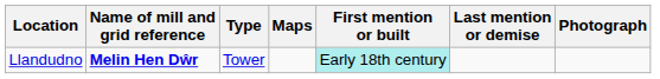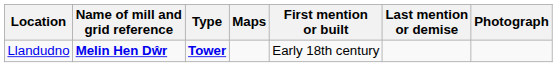 <table class="wikitable">
 <tr>
 <th>Location</th>
 <th>Name of mill and<br>grid reference</th>
 <th>Type</th>
 <th>Maps</th>
 <th>First mention<br>or built</th>
 <th>Last mention<br> or demise</th>
 <th>Photograph</th>
 </tr>
 <tr>
 <td><a href='#'>Llandudno</a></td>
 <td><strong><a href='#'>Melin Hen Dŵr</a></strong><br></td>
-<td><a href='#'>Tower</a></td>
+<td><strong><a href='#'>Tower</a></strong></td>
 <td></td>
-<td style="background: paleturquoise;">Early 18th century</td>
+<td>Early 18th century</td>
 <td></td>
 </tr>
 </table>
